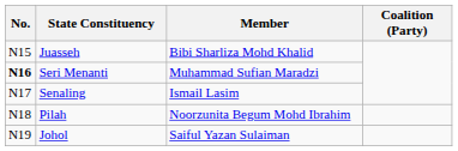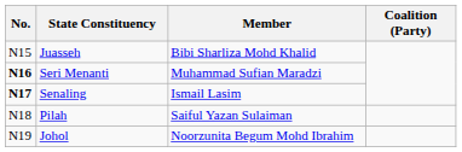 <table class="wikitable">
 <tr>
 <th width="30">No.</th>
 <th width="150">State Constituency</th>
 <th width="230">Member</th>
 <th width="100">Coalition (Party)</th>
 </tr>
 <tr>
 <td>N15</td>
 <td><a href='#'>Juasseh</a></td>
 <td><a href='#'>Bibi Sharliza Mohd Khalid</a></td>
 <td rowspan=3></td>
 </tr>
 <tr>
 <td><strong>N16</strong></td>
 <td><a href='#'>Seri Menanti</a></td>
 <td><a href='#'>Muhammad Sufian Maradzi</a></td>
 </tr>
 <tr>
-<td>N17</td>
+<td><strong>N17</strong></td>
 <td><a href='#'>Senaling</a></td>
 <td><a href='#'>Ismail Lasim</a></td>
 </tr>
 <tr>
 <td>N18</td>
 <td><a href='#'>Pilah</a></td>
-<td><a href='#'>Noorzunita Begum Mohd Ibrahim</a></td>
+<td><a href='#'>Saiful Yazan Sulaiman</a></td>
 <td></td>
 </tr>
 <tr>
 <td>N19</td>
 <td><a href='#'>Johol</a></td>
-<td><a href='#'>Saiful Yazan Sulaiman</a></td>
+<td><a href='#'>Noorzunita Begum Mohd Ibrahim</a></td>
 <td></td>
 </tr>
 </table>
